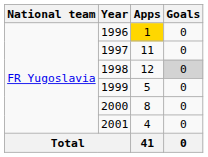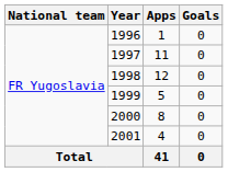 <table class="wikitable" style="text-align:center">
 <tr>
 <th>National team</th>
 <th>Year</th>
 <th>Apps</th>
 <th>Goals</th>
 </tr>
 <tr>
 <td rowspan="6"><a href='#'>FR Yugoslavia</a></td>
 <td>1996</td>
-<td style="background: gold;">1</td>
+<td>1</td>
 <td>0</td>
 </tr>
 <tr>
 <td>1997</td>
 <td>11</td>
 <td>0</td>
 </tr>
 <tr>
 <td>1998</td>
 <td>12</td>
-<td style="background: lightgrey;">0</td>
+<td>0</td>
 </tr>
 <tr>
 <td>1999</td>
 <td>5</td>
 <td>0</td>
 </tr>
 <tr>
 <td>2000</td>
 <td>8</td>
 <td>0</td>
 </tr>
 <tr>
 <td>2001</td>
 <td>4</td>
 <td>0</td>
 </tr>
 <tr>
 <th colspan="2">Total</th>
 <th>41</th>
 <th>0</th>
 </tr>
 </table>
